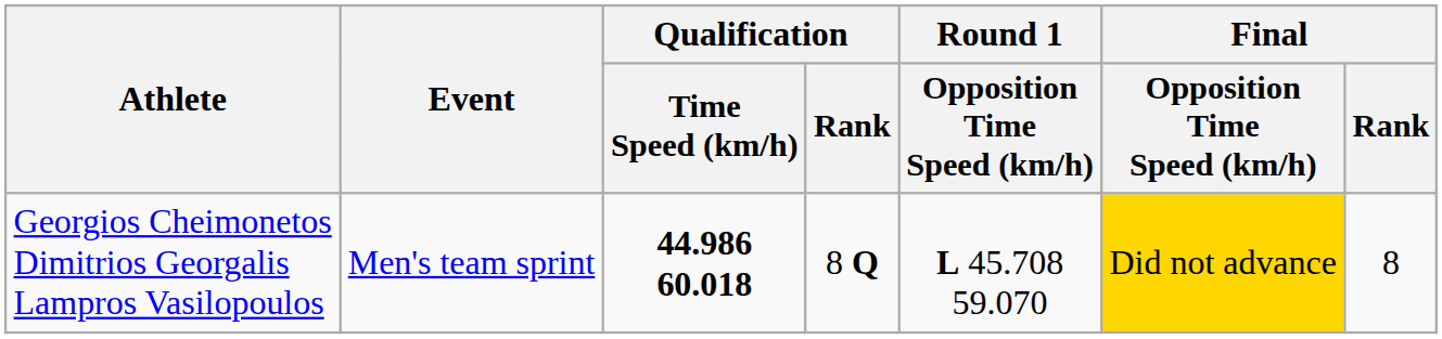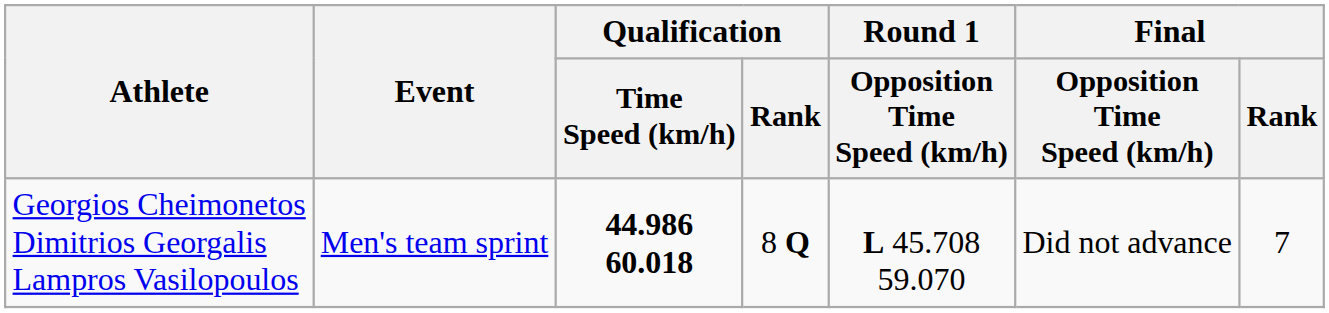 <table class="wikitable" style="font-size:90%">
 <tr>
 <th rowspan="2">Athlete</th>
 <th rowspan="2">Event</th>
 <th colspan=2>Qualification</th>
 <th>Round 1</th>
 <th colspan=2>Final</th>
 </tr>
 <tr style="font-size:95%">
 <th>Time<br>Speed (km/h)</th>
 <th>Rank</th>
 <th>Opposition<br>Time<br>Speed (km/h)</th>
 <th>Opposition<br>Time<br>Speed (km/h)</th>
 <th>Rank</th>
 </tr>
 <tr align=center>
 <td align=left><a href='#'>Georgios Cheimonetos</a><br><a href='#'>Dimitrios Georgalis</a><br><a href='#'>Lampros Vasilopoulos</a></td>
 <td align=left><a href='#'>Men's team sprint</a></td>
 <td><strong>44.986<br>60.018</strong></td>
 <td>8 <strong>Q</strong></td>
 <td><br><strong>L</strong> 45.708<br>59.070</td>
-<td style="background: gold;">Did not advance</td>
-<td>8</td>
+<td>Did not advance</td>
+<td>7</td>
 </tr>
 </table>
